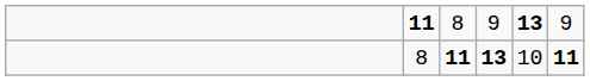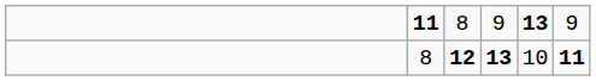 <table class="wikitable">
 <tr>
 <td style="width:18em"></td>
 <td align=center style="width:1em"><strong>11</strong></td>
 <td align=center style="width:1em">8</td>
 <td align=center style="width:1em">9</td>
 <td align=center style="width:1em"><strong>13</strong></td>
 <td align=center style="width:1em">9</td>
 </tr>
 <tr>
 <td style="width:18em"><strong></strong></td>
 <td align=center style="width:1em">8</td>
-<td align=center style="width:1em"><strong>11</strong></td>
+<td align=center style="width:1em"><strong>12</strong></td>
 <td align=center style="width:1em"><strong>13</strong></td>
 <td align=center style="width:1em">10</td>
 <td align=center style="width:1em"><strong>11</strong></td>
 </tr>
 </table>
